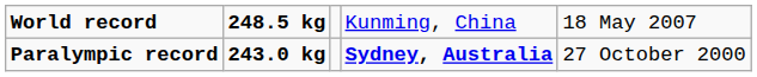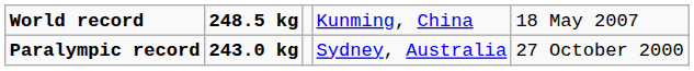 <table class="wikitable">
 <tr>
 <td><strong>World record</strong></td>
 <td><strong>248.5 kg</strong></td>
 <td></td>
 <td><a href='#'>Kunming</a>, <a href='#'>China</a></td>
 <td>18 May 2007</td>
 </tr>
 <tr>
 <td><strong>Paralympic record</strong></td>
 <td><strong>243.0 kg</strong></td>
 <td></td>
-<td><strong><a href='#'>Sydney</a>, <a href='#'>Australia</a></strong></td>
+<td><a href='#'>Sydney</a>, <a href='#'>Australia</a></td>
 <td>27 October 2000</td>
 </tr>
 </table>
